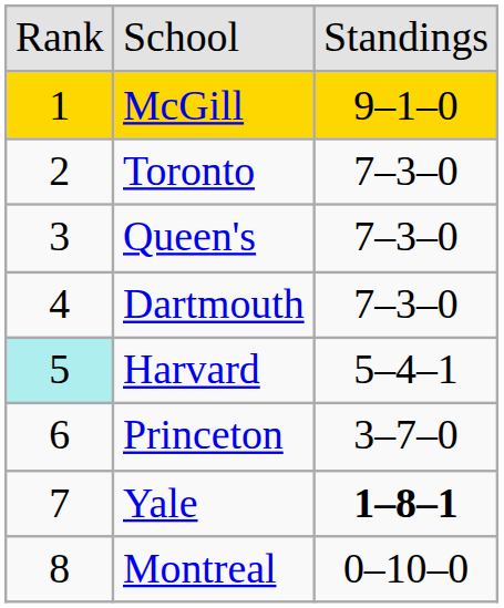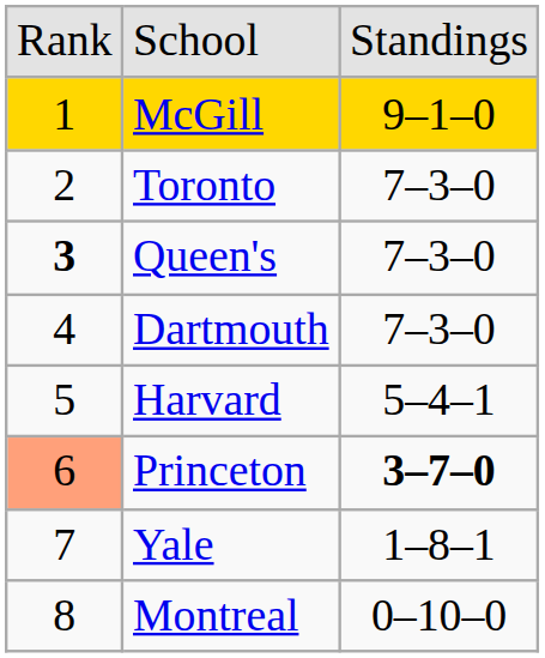 <table class="wikitable">
 <tr>
 <td style="background: #e3e3e3;">Rank</td>
 <td style="background: #e3e3e3;">School</td>
 <td style="background: #e3e3e3;">Standings</td>
 </tr>
 <tr bgcolor=gold>
 <td align=center>1</td>
 <td><a href='#'>McGill</a></td>
 <td align=center>9–1–0</td>
 </tr>
 <tr>
 <td align=center>2</td>
 <td><a href='#'>Toronto</a></td>
 <td align=center>7–3–0</td>
 </tr>
 <tr>
-<td align=center>3</td>
+<td align=center><strong>3</strong></td>
 <td><a href='#'>Queen's</a></td>
 <td align=center>7–3–0</td>
 </tr>
 <tr>
 <td align=center>4</td>
 <td><a href='#'>Dartmouth</a></td>
 <td align=center>7–3–0</td>
 </tr>
 <tr>
-<td align=center style="background: paleturquoise;">5</td>
+<td align=center>5</td>
 <td><a href='#'>Harvard</a></td>
 <td align=center>5–4–1</td>
 </tr>
 <tr>
-<td align=center>6</td>
+<td align=center style="background: lightsalmon;">6</td>
 <td><a href='#'>Princeton</a></td>
-<td align=center>3–7–0</td>
+<td align=center><strong>3–7–0</strong></td>
 </tr>
 <tr>
 <td align=center>7</td>
 <td><a href='#'>Yale</a></td>
-<td align=center><strong>1–8–1</strong></td>
+<td align=center>1–8–1</td>
 </tr>
 <tr>
 <td align=center>8</td>
 <td><a href='#'>Montreal</a></td>
 <td align=center>0–10–0</td>
 </tr>
 </table>
